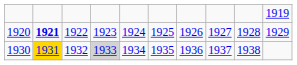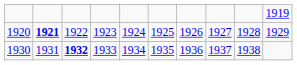 <table class="wikitable">
 <tr>
 <td></td>
 <td></td>
 <td></td>
 <td></td>
 <td></td>
 <td></td>
 <td></td>
 <td></td>
 <td></td>
 <td><a href='#'>1919</a></td>
 </tr>
 <tr>
 <td><a href='#'>1920</a></td>
 <td><strong><a href='#'>1921</a></strong></td>
 <td><a href='#'>1922</a></td>
 <td><a href='#'>1923</a></td>
 <td><a href='#'>1924</a></td>
 <td><a href='#'>1925</a></td>
 <td><a href='#'>1926</a></td>
 <td><a href='#'>1927</a></td>
 <td><a href='#'>1928</a></td>
 <td><a href='#'>1929</a></td>
 </tr>
 <tr>
 <td><a href='#'>1930</a></td>
-<td style="background: gold;"><a href='#'>1931</a></td>
-<td><a href='#'>1932</a></td>
-<td style="background: lightgrey;"><a href='#'>1933</a></td>
+<td><a href='#'>1931</a></td>
+<td><strong><a href='#'>1932</a></strong></td>
+<td><a href='#'>1933</a></td>
 <td><a href='#'>1934</a></td>
 <td><a href='#'>1935</a></td>
 <td><a href='#'>1936</a></td>
 <td><a href='#'>1937</a></td>
 <td><a href='#'>1938</a></td>
 </tr>
 </table>
